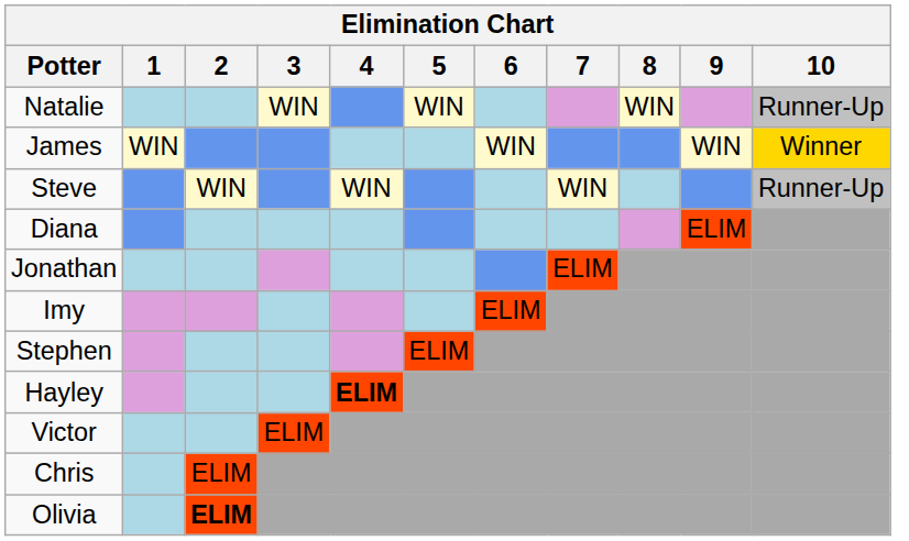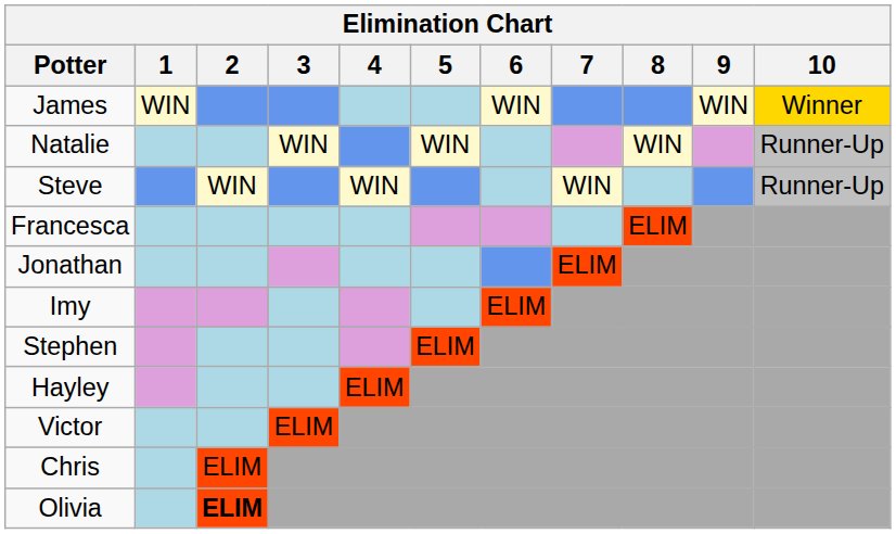 <table class="wikitable" style="text-align:center">
 <tr>
 <th colspan="11">Elimination Chart</th>
 </tr>
 <tr>
 <th>Potter</th>
 <th>1</th>
 <th>2</th>
 <th>3</th>
 <th>4</th>
 <th>5</th>
 <th>6</th>
 <th>7</th>
 <th>8</th>
 <th>9</th>
 <th>10</th>
 </tr>
 <tr>
+<td>James</td>
+<td style="background:lemonchiffon;">WIN</td>
+<td style="background:cornflowerblue;"></td>
+<td style="background:cornflowerblue;"></td>
+<td style="background:lightblue;"></td>
+<td style="background:lightblue;"></td>
+<td style="background:lemonchiffon;">WIN</td>
+<td style="background:cornflowerblue;"></td>
+<td style="background:cornflowerblue;"></td>
+<td style="background:lemonchiffon;">WIN</td>
+<td style="background:gold;">Winner</td>
+</tr>
+<tr>
 <td>Natalie</td>
 <td style="background:lightblue;"></td>
 <td style="background:lightblue;"></td>
 <td style="background:lemonchiffon;">WIN</td>
 <td style="background:cornflowerblue;"></td>
 <td style="background:lemonchiffon;">WIN</td>
 <td style="background:lightblue;"></td>
 <td style="background:plum;"></td>
 <td style="background:lemonchiffon;">WIN</td>
 <td style="background:plum;"></td>
 <td style="background:silver;">Runner-Up</td>
-</tr>
-<tr>
-<td>James</td>
-<td style="background:lemonchiffon;">WIN</td>
-<td style="background:cornflowerblue;"></td>
-<td style="background:cornflowerblue;"></td>
-<td style="background:lightblue;"></td>
-<td style="background:lightblue;"></td>
-<td style="background:lemonchiffon;">WIN</td>
-<td style="background:cornflowerblue;"></td>
-<td style="background:cornflowerblue;"></td>
-<td style="background:lemonchiffon;">WIN</td>
-<td style="background:gold;">Winner</td>
 </tr>
 <tr>
 <td>Steve</td>
 <td style="background:cornflowerblue;"></td>
 <td style="background:lemonchiffon;">WIN</td>
 <td style="background:cornflowerblue;"></td>
 <td style="background:lemonchiffon;">WIN</td>
 <td style="background:cornflowerblue;"></td>
 <td style="background:lightblue;"></td>
 <td style="background:lemonchiffon;">WIN</td>
 <td style="background:lightblue;"></td>
 <td style="background:cornflowerblue;"></td>
 <td style="background:silver;">Runner-Up</td>
 </tr>
 <tr>
-<td>Diana</td>
-<td style="background:cornflowerblue;"></td>
+<td>Francesca</td>
 <td style="background:lightblue;"></td>
 <td style="background:lightblue;"></td>
 <td style="background:lightblue;"></td>
-<td style="background:cornflowerblue;"></td>
-<td style="background:lightblue;"></td>
 <td style="background:lightblue;"></td>
 <td style="background:plum;"></td>
+<td style="background:plum;"></td>
+<td style="background:lightblue;"></td>
 <td style="background:orangered;">ELIM</td>
+<td colspan="1" style="background:darkgrey;"></td>
 <td style="background:darkgrey;"></td>
 </tr>
 <tr>
 <td>Jonathan</td>
 <td style="background:lightblue;"></td>
 <td style="background:lightblue;"></td>
 <td style="background:plum;"></td>
 <td style="background:lightblue;"></td>
 <td style="background:lightblue;"></td>
 <td style="background:cornflowerblue;"></td>
 <td style="background:orangered;">ELIM</td>
 <td colspan="2" style="background:darkgrey;"></td>
 <td style="background:darkgrey;"></td>
 </tr>
 <tr>
 <td>Imy</td>
 <td style="background:plum;"></td>
 <td style="background:plum;"></td>
 <td style="background:lightblue;"></td>
 <td style="background:plum;"></td>
 <td style="background:lightblue;"></td>
 <td style="background:orangered;">ELIM</td>
 <td colspan="3" style="background:darkgrey;"></td>
 <td style="background:darkgrey;"></td>
 </tr>
 <tr>
 <td>Stephen</td>
 <td style="background:plum;"></td>
 <td style="background:lightblue;"></td>
 <td style="background:lightblue;"></td>
 <td style="background:plum;"></td>
 <td style="background:orangered;">ELIM</td>
 <td colspan="4" style="background:darkgrey;"></td>
 <td style="background:darkgrey;"></td>
 </tr>
 <tr>
 <td>Hayley</td>
 <td style="background:plum;"></td>
 <td style="background:lightblue;"></td>
 <td style="background:lightblue;"></td>
-<td style="background:orangered;"><strong>ELIM</strong></td>
+<td style="background:orangered;">ELIM</td>
 <td colspan="5" style="background:darkgrey;"></td>
 <td style="background:darkgrey;"></td>
 </tr>
 <tr>
 <td>Victor</td>
 <td style="background:lightblue;"></td>
 <td style="background:lightblue;"></td>
 <td style="background:orangered;">ELIM</td>
 <td colspan="6" style="background:darkgrey;"></td>
 <td style="background:darkgrey;"></td>
 </tr>
 <tr>
 <td>Chris</td>
 <td style="background:lightblue;"></td>
 <td style="background:orangered;">ELIM</td>
 <td colspan="7" style="background:darkgrey;"></td>
 <td style="background:darkgrey;"></td>
 </tr>
 <tr>
 <td>Olivia</td>
 <td style="background:lightblue;"></td>
 <td style="background:orangered;"><strong>ELIM</strong></td>
 <td colspan="7" style="background:darkgrey;"></td>
 <td style="background:darkgrey;"></td>
 </tr>
 </table>
